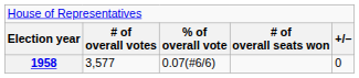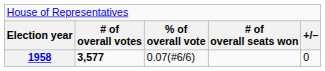 <table class=wikitable>
 <tr>
 <td colspan=5><a href='#'>House of Representatives</a></td>
 </tr>
 <tr>
 <th>Election year</th>
 <th># of<br>overall votes</th>
 <th>% of<br>overall vote</th>
 <th># of<br>overall seats won</th>
 <th>+/–</th>
 </tr>
 <tr>
 <th><a href='#'>1958</a></th>
-<td>3,577</td>
+<td><strong>3,577</strong></td>
 <td>0.07(#6/6)</td>
 <td></td>
 <td> 0</td>
 </tr>
 </table>
